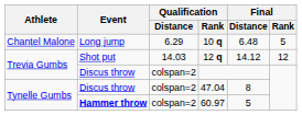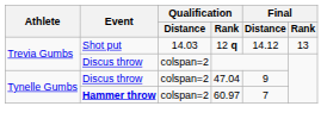 <table class=wikitable style="font-size:90%">
 <tr>
 <th rowspan=2>Athlete</th>
 <th rowspan=2>Event</th>
 <th colspan=2>Qualification</th>
 <th colspan=2>Final</th>
 </tr>
 <tr style="font-size:95%">
 <th>Distance</th>
 <th>Rank</th>
 <th>Distance</th>
 <th>Rank</th>
 </tr>
 <tr align=center>
-<td align=left><a href='#'>Chantel Malone</a></td>
-<td align=left><a href='#'>Long jump</a></td>
-<td>6.29</td>
-<td>10 <strong>q</strong></td>
-<td>6.48</td>
-<td>5</td>
-</tr>
-<tr align=center>
 <td align=left rowspan=2><a href='#'>Trevia Gumbs</a></td>
 <td align=left><a href='#'>Shot put</a></td>
 <td>14.03</td>
 <td>12 <strong>q</strong></td>
 <td>14.12</td>
-<td>12</td>
+<td>13</td>
 </tr>
 <tr align=center>
 <td align=left><a href='#'>Discus throw</a></td>
 <td>colspan=2 </td>
 <td colspan=2></td>
 </tr>
 <tr align=center>
 <td align=left rowspan=2><a href='#'>Tynelle Gumbs</a></td>
 <td align=left><a href='#'>Discus throw</a></td>
 <td>colspan=2 </td>
 <td>47.04</td>
-<td>8</td>
+<td>9</td>
 </tr>
 <tr align=center>
 <td align=left><strong><a href='#'>Hammer throw</a></strong></td>
 <td>colspan=2 </td>
 <td>60.97</td>
-<td>5</td>
+<td>7</td>
 </tr>
 </table>
